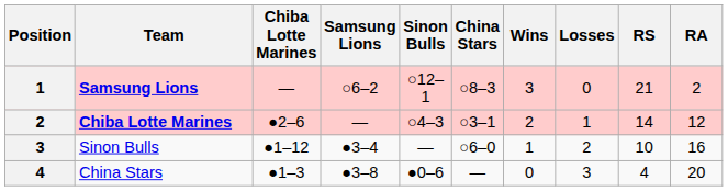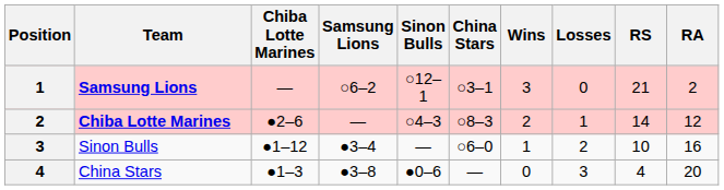 <table class="wikitable">
 <tr>
 <th>Position</th>
 <th width="170">Team</th>
 <th width="35">Chiba Lotte Marines</th>
 <th width="35">Samsung Lions</th>
 <th width="35">Sinon Bulls</th>
 <th width="35">China Stars</th>
 <th width="45">Wins</th>
 <th width="45">Losses</th>
 <th width="45">RS</th>
 <th width="45">RA</th>
 </tr>
 <tr bgcolor="ffcccc">
 <th>1</th>
 <td><strong><a href='#'>Samsung Lions</a></strong></td>
 <td align="center">—</td>
 <td align="center">○6–2</td>
 <td align="center">○12–1</td>
-<td align="center">○8–3</td>
+<td align="center">○3–1</td>
 <td align="center">3</td>
 <td align="center">0</td>
 <td align="center">21</td>
 <td align="center">2</td>
 </tr>
 <tr bgcolor="ffcccc">
 <th>2</th>
 <td><strong><a href='#'>Chiba Lotte Marines</a></strong></td>
 <td align="center">●2–6</td>
 <td align="center">—</td>
 <td align="center">○4–3</td>
-<td align="center">○3–1</td>
+<td align="center">○8–3</td>
 <td align="center">2</td>
 <td align="center">1</td>
 <td align="center">14</td>
 <td align="center">12</td>
 </tr>
 <tr>
 <th>3</th>
 <td><a href='#'>Sinon Bulls</a></td>
 <td align="center">●1–12</td>
 <td align="center">●3–4</td>
 <td align="center">—</td>
 <td align="center">○6–0</td>
 <td align="center">1</td>
 <td align="center">2</td>
 <td align="center">10</td>
 <td align="center">16</td>
 </tr>
 <tr>
 <th>4</th>
 <td><a href='#'>China Stars</a></td>
 <td align="center">●1–3</td>
 <td align="center">●3–8</td>
 <td align="center">●0–6</td>
 <td align="center">—</td>
 <td align="center">0</td>
 <td align="center">3</td>
 <td align="center">4</td>
 <td align="center">20</td>
 </tr>
 </table>
